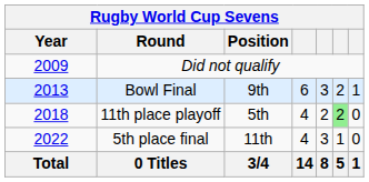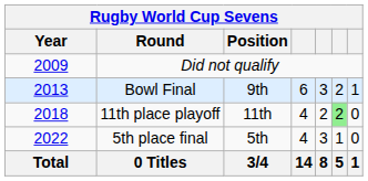 <table class="wikitable" style="text-align: center;">
 <tr>
 <th colspan=7><a href='#'>Rugby World Cup Sevens</a></th>
 </tr>
 <tr>
 <th style="width:5.5em;">Year</th>
 <th>Round</th>
 <th>Position</th>
 <th></th>
 <th></th>
 <th></th>
 <th></th>
 </tr>
 <tr>
 <td> <a href='#'>2009</a></td>
 <td colspan=6 align=center><em>Did not qualify</em></td>
 </tr>
 <tr bgcolor=#ddeeff>
 <td> <a href='#'>2013</a></td>
 <td>Bowl Final</td>
 <td>9th</td>
 <td>6</td>
 <td>3</td>
 <td>2</td>
 <td>1</td>
 </tr>
 <tr>
 <td> <a href='#'>2018</a></td>
 <td>11th place playoff</td>
-<td>5th</td>
+<td>11th</td>
 <td>4</td>
 <td>2</td>
 <td style="background: lightgreen;">2</td>
 <td>0</td>
 </tr>
 <tr>
 <td> <a href='#'>2022</a></td>
 <td>5th place final</td>
-<td>11th</td>
+<td>5th</td>
 <td>4</td>
 <td>3</td>
 <td>1</td>
 <td>0</td>
 </tr>
 <tr>
 <th>Total</th>
 <th>0 Titles</th>
 <th>3/4</th>
 <th>14</th>
 <th>8</th>
 <th>5</th>
 <th>1</th>
 </tr>
 </table>
